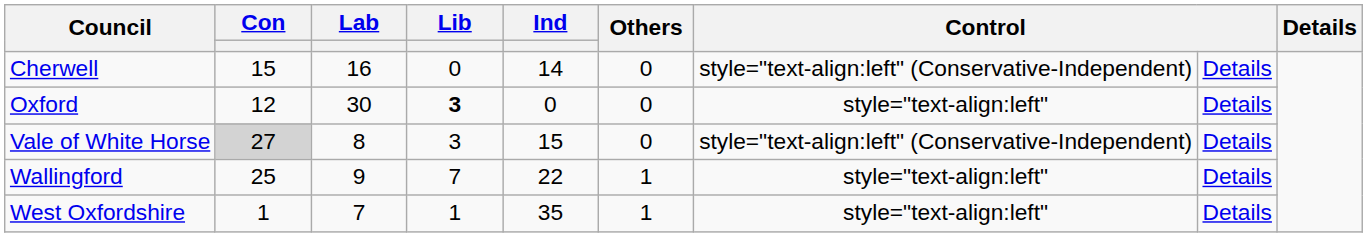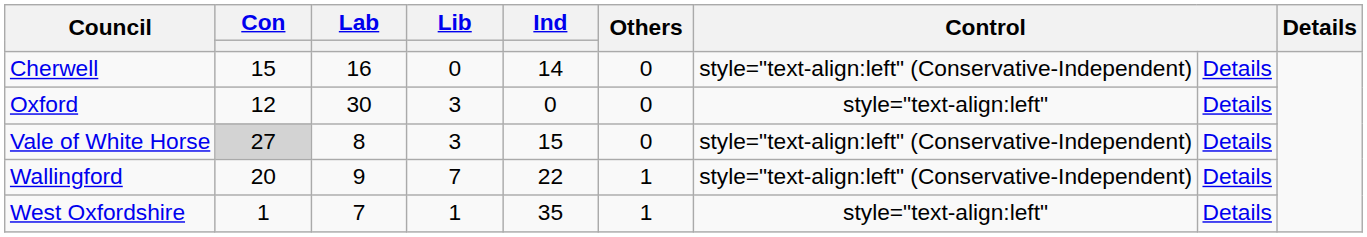 <table class="wikitable" style="text-align:center;">
 <tr>
 <th rowspan=2>Council</th>
 <th style="width:60px;"><a href='#'>Con</a></th>
 <th style="width:60px;"><a href='#'>Lab</a></th>
 <th style="width:60px;"><a href='#'>Lib</a></th>
 <th style="width:60px;"><a href='#'>Ind</a></th>
 <th style="width:60px;" rowspan=2>Others</th>
 <th rowspan=2 colspan=2>Control</th>
 <th rowspan=2>Details</th>
 </tr>
 <tr>
 <th style="background:"></th>
 <th style="background:"></th>
 <th style="background:"></th>
 <th style="background:"></th>
 </tr>
 <tr>
 <td style="text-align:left"><a href='#'>Cherwell</a></td>
 <td>15</td>
 <td>16</td>
 <td>0</td>
 <td>14</td>
 <td>0</td>
 <td>style="text-align:left"  (Conservative-Independent)</td>
 <td style="text-align:left"><a href='#'>Details</a></td>
 </tr>
 <tr>
 <td style="text-align:left"><a href='#'>Oxford</a></td>
 <td>12</td>
 <td>30</td>
-<td><strong>3</strong></td>
+<td>3</td>
 <td>0</td>
 <td>0</td>
 <td>style="text-align:left" </td>
 <td style="text-align:left"><a href='#'>Details</a></td>
 </tr>
 <tr>
 <td style="text-align:left"><a href='#'>Vale of White Horse</a></td>
 <td style="background: lightgrey;">27</td>
 <td>8</td>
 <td>3</td>
 <td>15</td>
 <td>0</td>
 <td>style="text-align:left"  (Conservative-Independent)</td>
 <td style="text-align:left"><a href='#'>Details</a></td>
 </tr>
 <tr>
 <td style="text-align:left"><a href='#'>Wallingford</a></td>
-<td>25</td>
+<td>20</td>
 <td>9</td>
 <td>7</td>
 <td>22</td>
 <td>1</td>
-<td>style="text-align:left" </td>
+<td>style="text-align:left"  (Conservative-Independent)</td>
 <td style="text-align:left"><a href='#'>Details</a></td>
 </tr>
 <tr>
 <td style="text-align:left"><a href='#'>West Oxfordshire</a></td>
 <td>1</td>
 <td>7</td>
 <td>1</td>
 <td>35</td>
 <td>1</td>
 <td>style="text-align:left" </td>
 <td style="text-align:left"><a href='#'>Details</a></td>
 </tr>
 </table>
